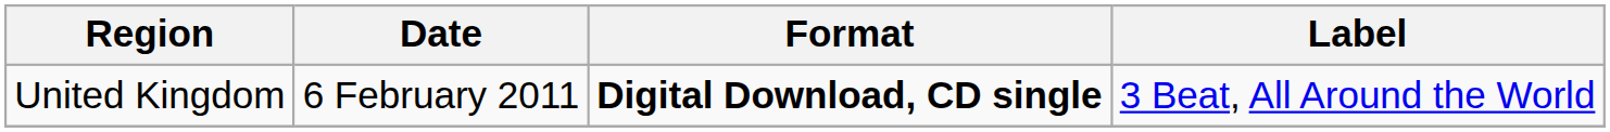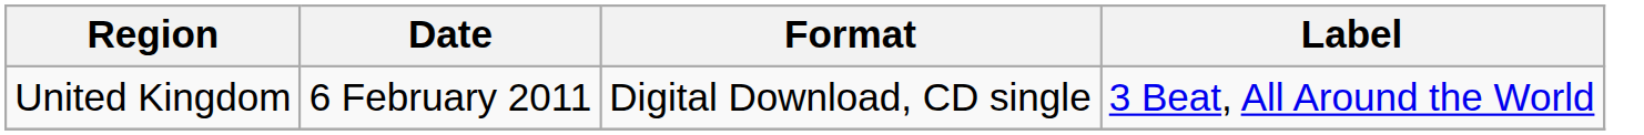 <table class=wikitable>
 <tr>
 <th>Region</th>
 <th>Date</th>
 <th>Format</th>
 <th>Label</th>
 </tr>
 <tr>
 <td>United Kingdom</td>
 <td>6 February 2011</td>
-<td><strong>Digital Download, CD single</strong></td>
+<td>Digital Download, CD single</td>
 <td><a href='#'>3 Beat</a>, <a href='#'>All Around the World</a></td>
 </tr>
 <tr>
 </tr>
 </table>
